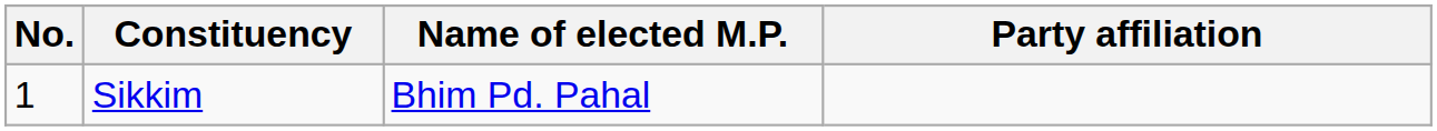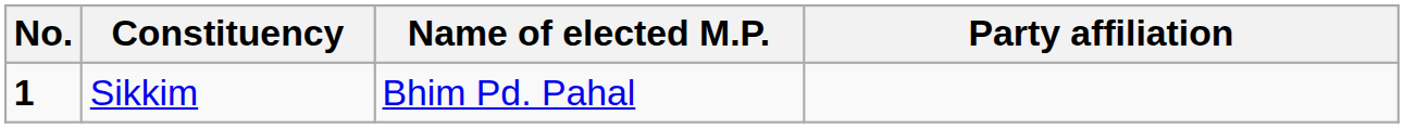 <table class="wikitable">
 <tr style="background:#ccc; text-align:center;">
 <th>No.</th>
 <th style="width:120px">Constituency</th>
 <th style="width:180px">Name of elected M.P.</th>
 <th colspan="2" style="width:18em">Party affiliation</th>
 </tr>
 <tr>
-<td>1</td>
+<td><strong>1</strong></td>
 <td><a href='#'>Sikkim</a></td>
 <td><a href='#'>Bhim Pd. Pahal</a></td>
 <td></td>
 </tr>
 </table>
